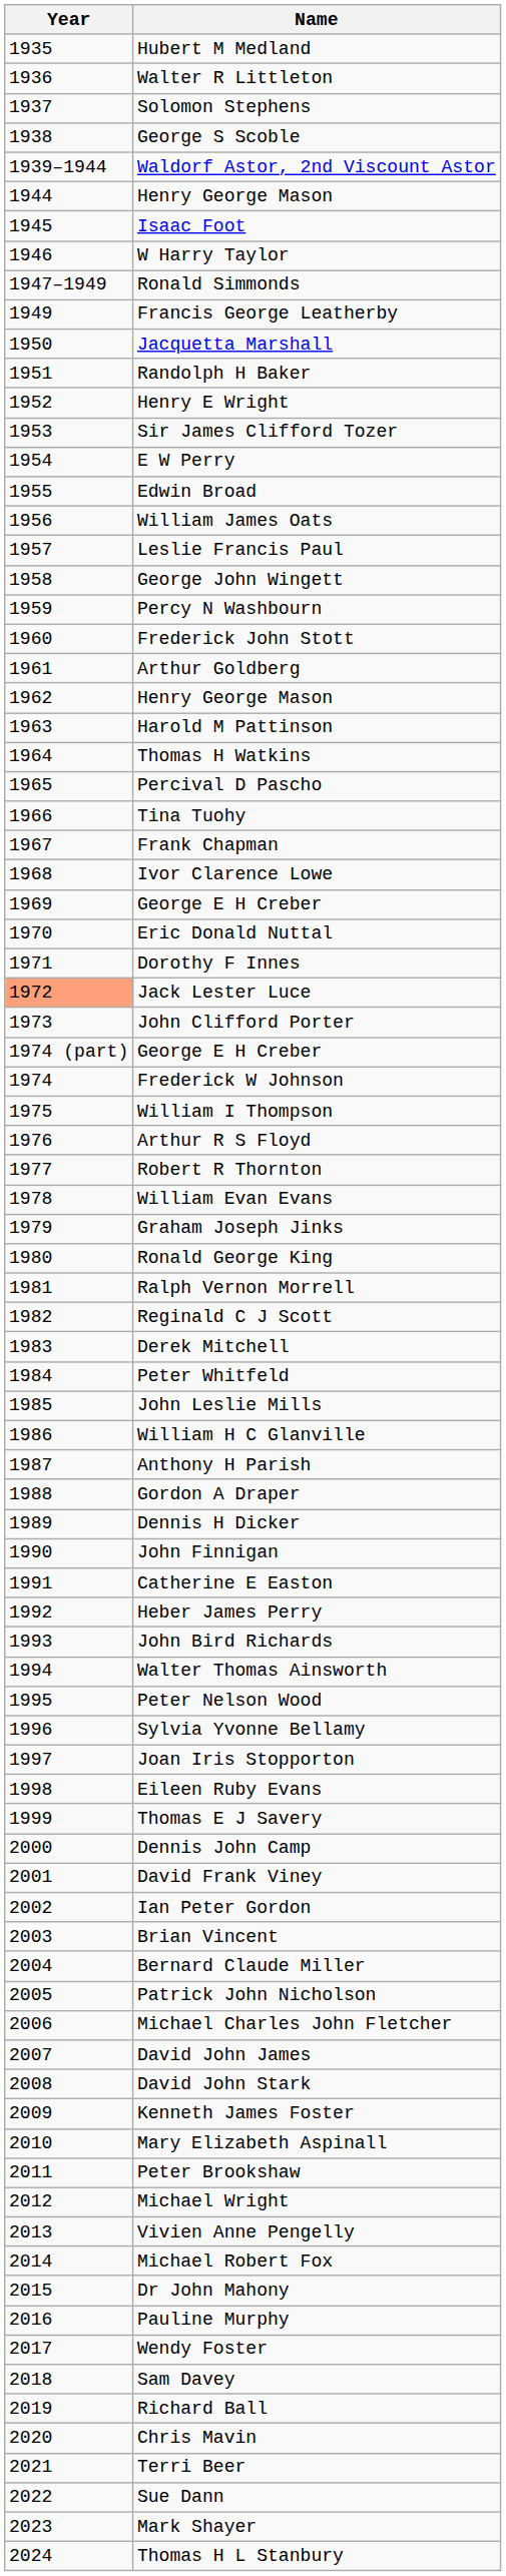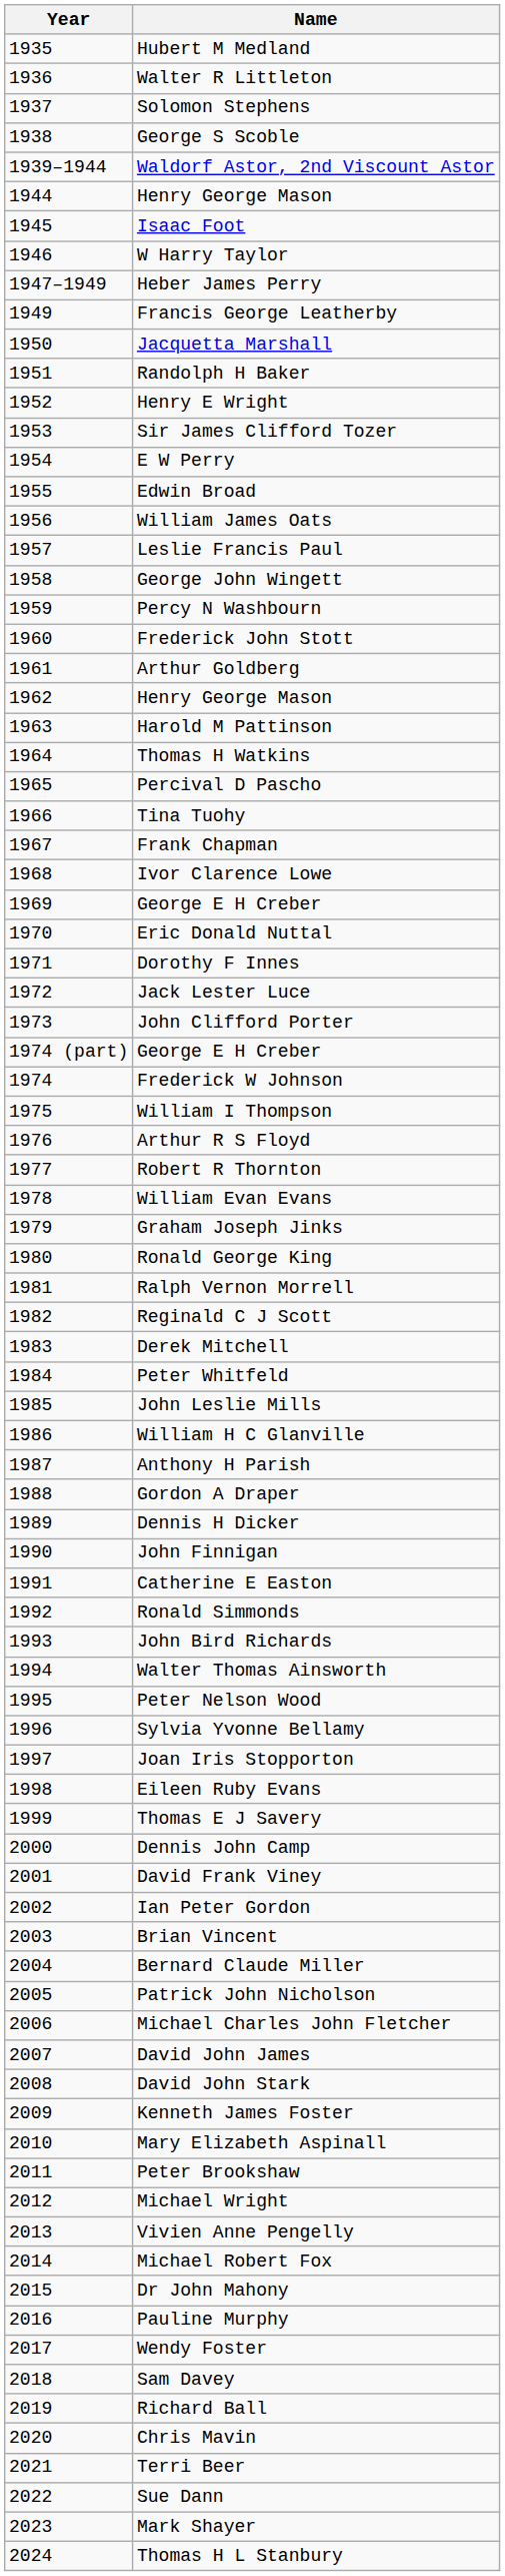 <table class="wikitable">
 <tr>
 <th>Year</th>
 <th>Name</th>
 </tr>
 <tr>
 <td>1935</td>
 <td>Hubert M Medland</td>
 </tr>
 <tr>
 <td>1936</td>
 <td>Walter R Littleton</td>
 </tr>
 <tr>
 <td>1937</td>
 <td>Solomon Stephens</td>
 </tr>
 <tr>
 <td>1938</td>
 <td>George S Scoble</td>
 </tr>
 <tr>
 <td>1939–1944</td>
 <td><a href='#'>Waldorf Astor, 2nd Viscount Astor</a></td>
 </tr>
 <tr>
 <td>1944</td>
 <td>Henry George Mason</td>
 </tr>
 <tr>
 <td>1945</td>
 <td><a href='#'>Isaac Foot</a></td>
 </tr>
 <tr>
 <td>1946</td>
 <td>W Harry Taylor</td>
 </tr>
 <tr>
 <td>1947–1949</td>
-<td>Ronald Simmonds</td>
+<td>Heber James Perry</td>
 </tr>
 <tr>
 <td>1949</td>
 <td>Francis George Leatherby</td>
 </tr>
 <tr>
 <td>1950</td>
 <td><a href='#'>Jacquetta Marshall</a></td>
 </tr>
 <tr>
 <td>1951</td>
 <td>Randolph H Baker</td>
 </tr>
 <tr>
 <td>1952</td>
 <td>Henry E Wright</td>
 </tr>
 <tr>
 <td>1953</td>
 <td>Sir James Clifford Tozer</td>
 </tr>
 <tr>
 <td>1954</td>
 <td>E W Perry</td>
 </tr>
 <tr>
 <td>1955</td>
 <td>Edwin Broad</td>
 </tr>
 <tr>
 <td>1956</td>
 <td>William James Oats</td>
 </tr>
 <tr>
 <td>1957</td>
 <td>Leslie Francis Paul</td>
 </tr>
 <tr>
 <td>1958</td>
 <td>George John Wingett</td>
 </tr>
 <tr>
 <td>1959</td>
 <td>Percy N Washbourn</td>
 </tr>
 <tr>
 <td>1960</td>
 <td>Frederick John Stott</td>
 </tr>
 <tr>
 <td>1961</td>
 <td>Arthur Goldberg</td>
 </tr>
 <tr>
 <td>1962</td>
 <td>Henry George Mason</td>
 </tr>
 <tr>
 <td>1963</td>
 <td>Harold M Pattinson</td>
 </tr>
 <tr>
 <td>1964</td>
 <td>Thomas H Watkins</td>
 </tr>
 <tr>
 <td>1965</td>
 <td>Percival D Pascho</td>
 </tr>
 <tr>
 <td>1966</td>
 <td>Tina Tuohy</td>
 </tr>
 <tr>
 <td>1967</td>
 <td>Frank Chapman</td>
 </tr>
 <tr>
 <td>1968</td>
 <td>Ivor Clarence Lowe</td>
 </tr>
 <tr>
 <td>1969</td>
 <td>George E H Creber</td>
 </tr>
 <tr>
 <td>1970</td>
 <td>Eric Donald Nuttal</td>
 </tr>
 <tr>
 <td>1971</td>
 <td>Dorothy F Innes</td>
 </tr>
 <tr>
-<td style="background: lightsalmon;">1972</td>
+<td>1972</td>
 <td>Jack Lester Luce</td>
 </tr>
 <tr>
 <td>1973</td>
 <td>John Clifford Porter</td>
 </tr>
 <tr>
 <td>1974 (part)</td>
 <td>George E H Creber</td>
 </tr>
 <tr>
 <td>1974</td>
 <td>Frederick W Johnson</td>
 </tr>
 <tr>
 <td>1975</td>
 <td>William I Thompson</td>
 </tr>
 <tr>
 <td>1976</td>
 <td>Arthur R S Floyd</td>
 </tr>
 <tr>
 <td>1977</td>
 <td>Robert R Thornton</td>
 </tr>
 <tr>
 <td>1978</td>
 <td>William Evan Evans</td>
 </tr>
 <tr>
 <td>1979</td>
 <td>Graham Joseph Jinks</td>
 </tr>
 <tr>
 <td>1980</td>
 <td>Ronald George King</td>
 </tr>
 <tr>
 <td>1981</td>
 <td>Ralph Vernon Morrell</td>
 </tr>
 <tr>
 <td>1982</td>
 <td>Reginald C J Scott</td>
 </tr>
 <tr>
 <td>1983</td>
 <td>Derek Mitchell</td>
 </tr>
 <tr>
 <td>1984</td>
 <td>Peter Whitfeld</td>
 </tr>
 <tr>
 <td>1985</td>
 <td>John Leslie Mills</td>
 </tr>
 <tr>
 <td>1986</td>
 <td>William H C Glanville</td>
 </tr>
 <tr>
 <td>1987</td>
 <td>Anthony H Parish</td>
 </tr>
 <tr>
 <td>1988</td>
 <td>Gordon A Draper</td>
 </tr>
 <tr>
 <td>1989</td>
 <td>Dennis H Dicker</td>
 </tr>
 <tr>
 <td>1990</td>
 <td>John Finnigan</td>
 </tr>
 <tr>
 <td>1991</td>
 <td>Catherine E Easton</td>
 </tr>
 <tr>
 <td>1992</td>
-<td>Heber James Perry</td>
+<td>Ronald Simmonds</td>
 </tr>
 <tr>
 <td>1993</td>
 <td>John Bird Richards</td>
 </tr>
 <tr>
 <td>1994</td>
 <td>Walter Thomas Ainsworth</td>
 </tr>
 <tr>
 <td>1995</td>
 <td>Peter Nelson Wood</td>
 </tr>
 <tr>
 <td>1996</td>
 <td>Sylvia Yvonne Bellamy</td>
 </tr>
 <tr>
 <td>1997</td>
 <td>Joan Iris Stopporton</td>
 </tr>
 <tr>
 <td>1998</td>
 <td>Eileen Ruby Evans</td>
 </tr>
 <tr>
 <td>1999</td>
 <td>Thomas E J Savery</td>
 </tr>
 <tr>
 <td>2000</td>
 <td>Dennis John Camp</td>
 </tr>
 <tr>
 <td>2001</td>
 <td>David Frank Viney</td>
 </tr>
 <tr>
 <td>2002</td>
 <td>Ian Peter Gordon</td>
 </tr>
 <tr>
 <td>2003</td>
 <td>Brian Vincent</td>
 </tr>
 <tr>
 <td>2004</td>
 <td>Bernard Claude Miller</td>
 </tr>
 <tr>
 <td>2005</td>
 <td>Patrick John Nicholson</td>
 </tr>
 <tr>
 <td>2006</td>
 <td>Michael Charles John Fletcher</td>
 </tr>
 <tr>
 <td>2007</td>
 <td>David John James</td>
 </tr>
 <tr>
 <td>2008</td>
 <td>David John Stark</td>
 </tr>
 <tr>
 <td>2009</td>
 <td>Kenneth James Foster</td>
 </tr>
 <tr>
 <td>2010</td>
 <td>Mary Elizabeth Aspinall</td>
 </tr>
 <tr>
 <td>2011</td>
 <td>Peter Brookshaw</td>
 </tr>
 <tr>
 <td>2012</td>
 <td>Michael Wright</td>
 </tr>
 <tr>
 <td>2013</td>
 <td>Vivien Anne Pengelly</td>
 </tr>
 <tr>
 <td>2014</td>
 <td>Michael Robert Fox</td>
 </tr>
 <tr>
 <td>2015</td>
 <td>Dr John Mahony</td>
 </tr>
 <tr>
 <td>2016</td>
 <td>Pauline Murphy</td>
 </tr>
 <tr>
 <td>2017</td>
 <td>Wendy Foster</td>
 </tr>
 <tr>
 <td>2018</td>
 <td>Sam Davey</td>
 </tr>
 <tr>
 <td>2019</td>
 <td>Richard Ball</td>
 </tr>
 <tr>
 <td>2020</td>
 <td>Chris Mavin</td>
 </tr>
 <tr>
 <td>2021</td>
 <td>Terri Beer</td>
 </tr>
 <tr>
 <td>2022</td>
 <td>Sue Dann</td>
 </tr>
 <tr>
 <td>2023</td>
 <td>Mark Shayer</td>
 </tr>
 <tr>
 <td>2024</td>
 <td>Thomas H L Stanbury</td>
 </tr>
 </table>
